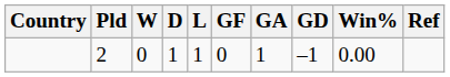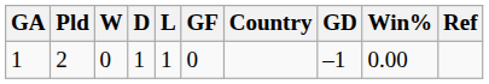 <table class="wikitable sortable">
 <tr>
-<th>Country</th>
+<th>GA</th>
 <th>Pld</th>
 <th>W</th>
 <th>D</th>
 <th>L</th>
 <th>GF</th>
-<th>GA</th>
+<th>Country</th>
 <th>GD</th>
 <th>Win%</th>
 <th>Ref</th>
 </tr>
 <tr>
-<td></td>
+<td>1</td>
 <td>2</td>
 <td>0</td>
 <td>1</td>
 <td>1</td>
 <td>0</td>
-<td>1</td>
+<td></td>
 <td>–1</td>
 <td>0.00</td>
 <td></td>
 </tr>
 </table>
